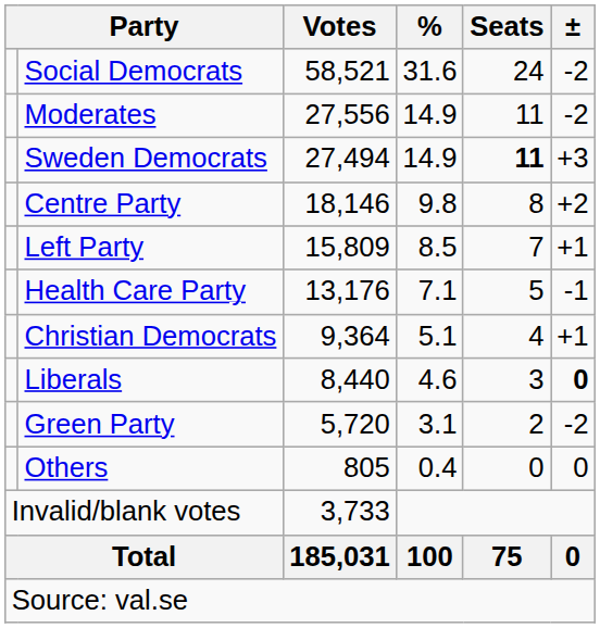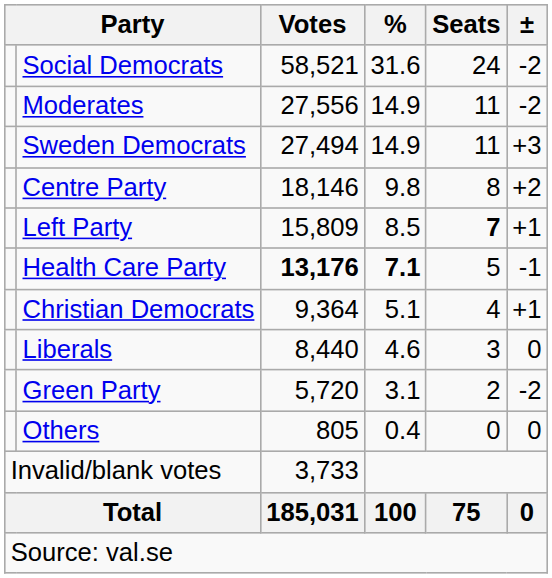 <table class=wikitable style=text-align:right>
 <tr>
 <th colspan=2>Party</th>
 <th>Votes</th>
 <th>%</th>
 <th>Seats</th>
 <th>±</th>
 </tr>
 <tr>
 <td bgcolor=></td>
 <td align=left><a href='#'>Social Democrats</a></td>
 <td>58,521</td>
 <td>31.6</td>
 <td>24</td>
 <td>-2</td>
 </tr>
 <tr>
 <td bgcolor=></td>
 <td align=left><a href='#'>Moderates</a></td>
 <td>27,556</td>
 <td>14.9</td>
 <td>11</td>
 <td>-2</td>
 </tr>
 <tr>
 <td bgcolor=></td>
 <td align=left><a href='#'>Sweden Democrats</a></td>
 <td>27,494</td>
 <td>14.9</td>
-<td><strong>11</strong></td>
+<td>11</td>
 <td>+3</td>
 </tr>
 <tr>
 <td bgcolor=></td>
 <td align=left><a href='#'>Centre Party</a></td>
 <td>18,146</td>
 <td>9.8</td>
 <td>8</td>
 <td>+2</td>
 </tr>
 <tr>
 <td bgcolor=></td>
 <td align=left><a href='#'>Left Party</a></td>
 <td>15,809</td>
 <td>8.5</td>
-<td>7</td>
+<td><strong>7</strong></td>
 <td>+1</td>
 </tr>
 <tr>
 <td></td>
 <td align=left><a href='#'>Health Care Party</a></td>
-<td>13,176</td>
-<td>7.1</td>
+<td><strong>13,176</strong></td>
+<td><strong>7.1</strong></td>
 <td>5</td>
 <td>-1</td>
 </tr>
 <tr>
 <td bgcolor=></td>
 <td align=left><a href='#'>Christian Democrats</a></td>
 <td>9,364</td>
 <td>5.1</td>
 <td>4</td>
 <td>+1</td>
 </tr>
 <tr>
 <td bgcolor=></td>
 <td align=left><a href='#'>Liberals</a></td>
 <td>8,440</td>
 <td>4.6</td>
 <td>3</td>
-<td><strong>0</strong></td>
+<td>0</td>
 </tr>
 <tr>
 <td bgcolor=></td>
 <td align=left><a href='#'>Green Party</a></td>
 <td>5,720</td>
 <td>3.1</td>
 <td>2</td>
 <td>-2</td>
 </tr>
 <tr>
 <td></td>
 <td align=left><a href='#'>Others</a></td>
 <td>805</td>
 <td>0.4</td>
 <td>0</td>
 <td>0</td>
 </tr>
 <tr>
 <td align=left colspan=2>Invalid/blank votes</td>
 <td>3,733</td>
 <td colspan=3></td>
 </tr>
 <tr>
 <th align=left colspan=2>Total</th>
 <th>185,031</th>
 <th>100</th>
 <th>75</th>
 <th>0</th>
 </tr>
 <tr>
 <td align=left colspan=6>Source: val.se </td>
 </tr>
 </table>
